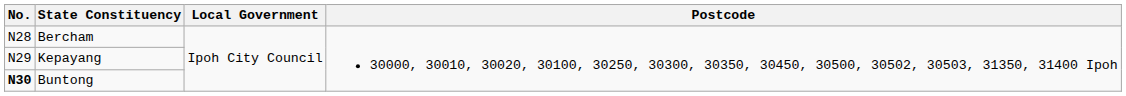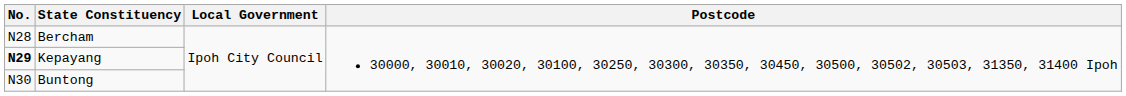 <table class="wikitable">
 <tr>
 <th>No.</th>
 <th>State Constituency</th>
 <th>Local Government</th>
 <th>Postcode</th>
 </tr>
 <tr>
 <td>N28</td>
 <td>Bercham</td>
 <td rowspan="3">Ipoh City Council</td>
 <td rowspan="3"><br><ul><li>30000, 30010, 30020, 30100, 30250, 30300, 30350, 30450, 30500, 30502, 30503, 31350, 31400 Ipoh</li></ul></td>
 </tr>
 <tr>
-<td>N29</td>
+<td><strong>N29</strong></td>
 <td>Kepayang</td>
 </tr>
 <tr>
-<td><strong>N30</strong></td>
+<td>N30</td>
 <td>Buntong</td>
 </tr>
 </table>
